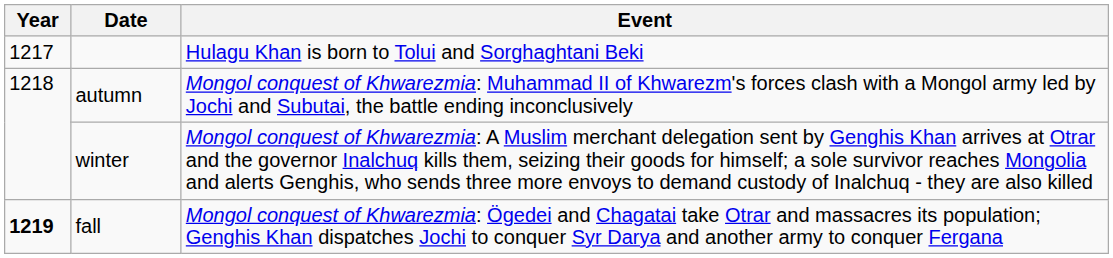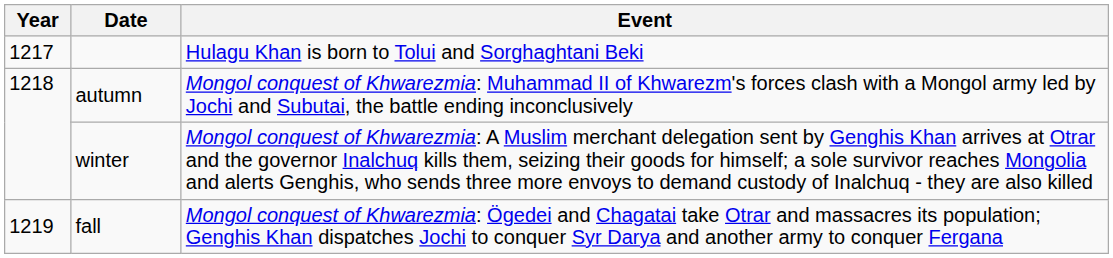 <table class="wikitable" width="100%">
 <tr>
 <th style="width:6%">Year</th>
 <th style="width:10%">Date</th>
 <th>Event</th>
 </tr>
 <tr>
 <td>1217</td>
 <td></td>
 <td><a href='#'>Hulagu Khan</a> is born to <a href='#'>Tolui</a> and <a href='#'>Sorghaghtani Beki</a></td>
 </tr>
 <tr>
 <td rowspan="2" valign="top">1218</td>
 <td>autumn</td>
 <td><em><a href='#'>Mongol conquest of Khwarezmia</a></em>: <a href='#'>Muhammad II of Khwarezm</a>'s forces clash with a Mongol army led by <a href='#'>Jochi</a> and <a href='#'>Subutai</a>, the battle ending inconclusively</td>
 </tr>
 <tr>
 <td>winter</td>
 <td><em><a href='#'>Mongol conquest of Khwarezmia</a></em>: A <a href='#'>Muslim</a> merchant delegation sent by <a href='#'>Genghis Khan</a> arrives at <a href='#'>Otrar</a> and the governor <a href='#'>Inalchuq</a> kills them, seizing their goods for himself; a sole survivor reaches <a href='#'>Mongolia</a> and alerts Genghis, who sends three more envoys to demand custody of Inalchuq - they are also killed</td>
 </tr>
 <tr>
-<td><strong>1219</strong></td>
+<td>1219</td>
 <td>fall</td>
 <td><em><a href='#'>Mongol conquest of Khwarezmia</a></em>: <a href='#'>Ögedei</a> and <a href='#'>Chagatai</a> take <a href='#'>Otrar</a> and massacres its population; <a href='#'>Genghis Khan</a> dispatches <a href='#'>Jochi</a> to conquer <a href='#'>Syr Darya</a> and another army to conquer <a href='#'>Fergana</a></td>
 </tr>
 </table>
